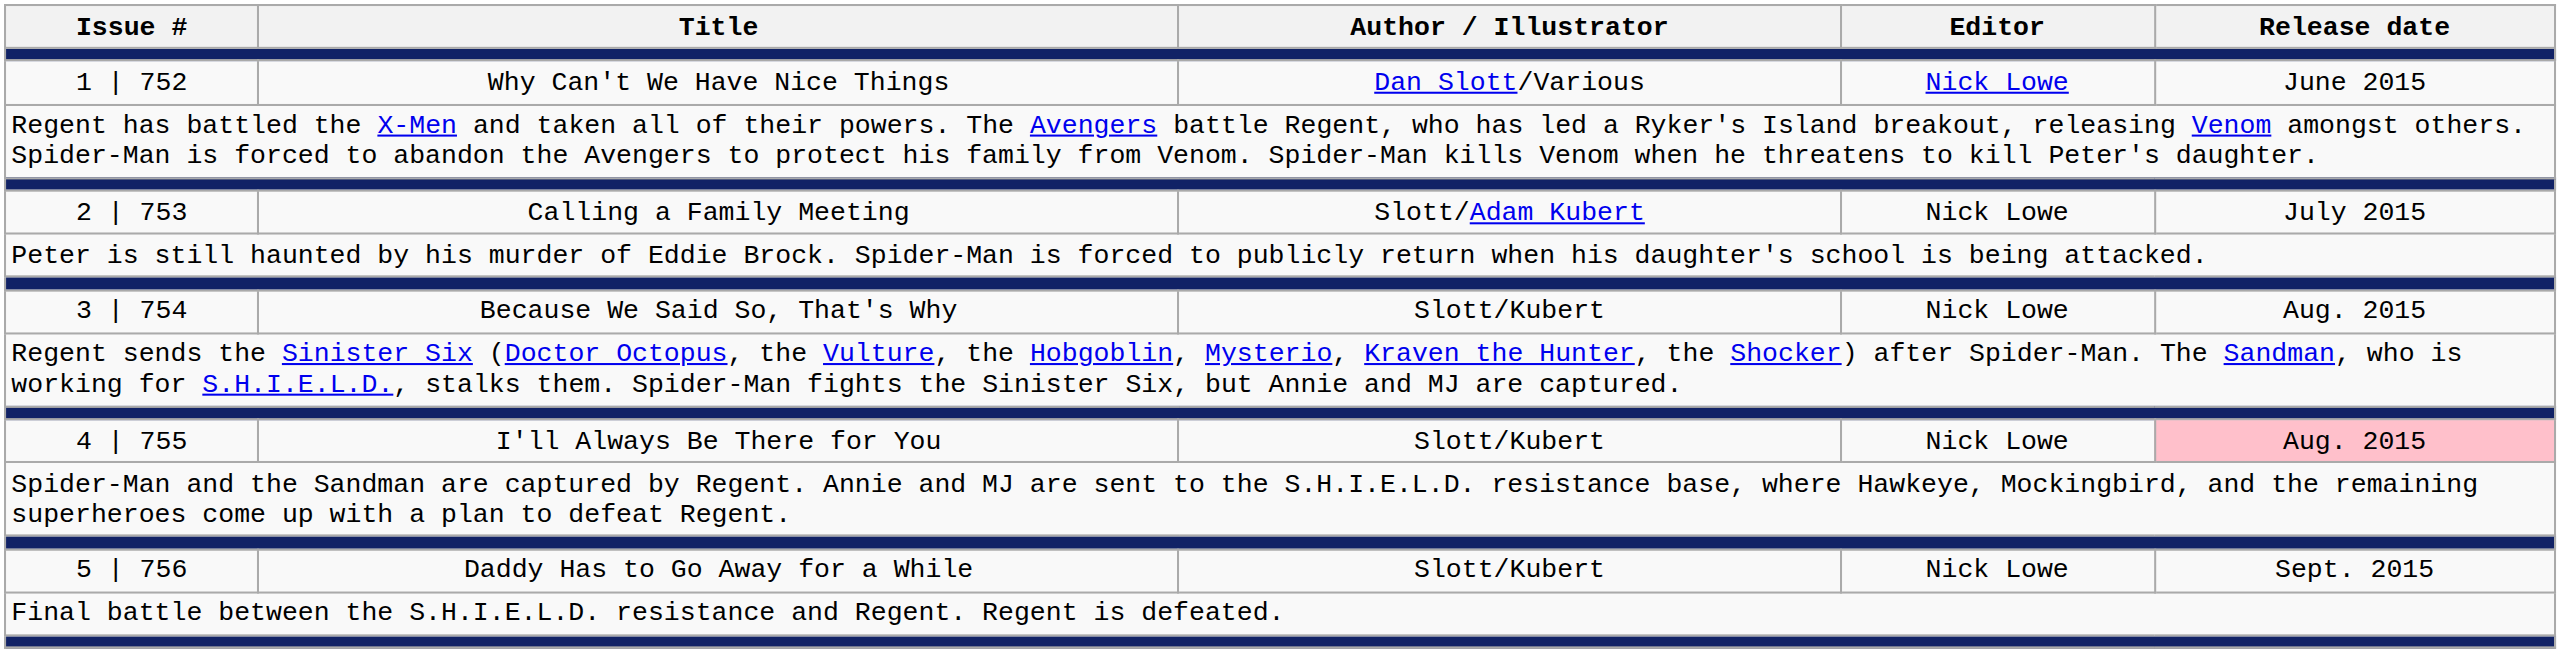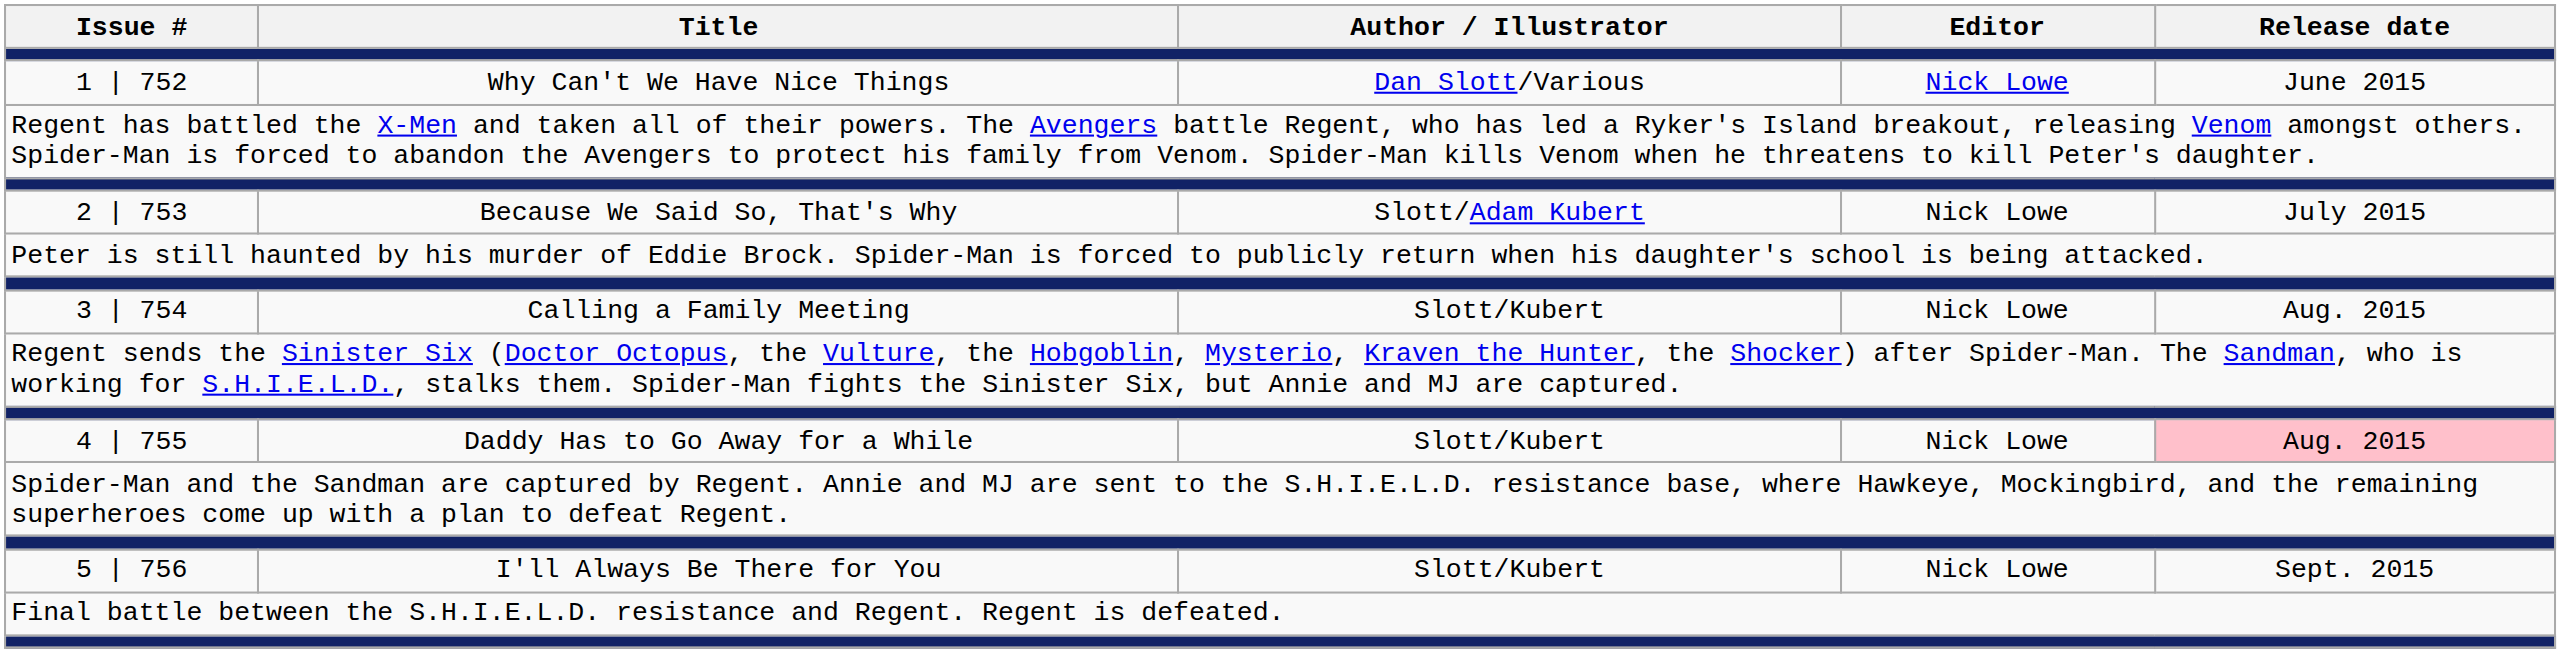 <table class="wikitable">
 <tr>
 <th>Issue #</th>
 <th>Title</th>
 <th>Author / Illustrator</th>
 <th>Editor</th>
 <th>Release date</th>
 </tr>
 <tr>
 <td colspan="6" bgcolor="#112266"></td>
 </tr>
 <tr>
 <td align="center">1  |  752</td>
 <td align="center">Why Can't We Have Nice Things</td>
 <td align="center"><a href='#'>Dan Slott</a>/Various</td>
 <td align="center"><a href='#'>Nick Lowe</a></td>
 <td align="center">June 2015</td>
 </tr>
 <tr>
 <td colspan="6">Regent has battled the <a href='#'>X-Men</a> and taken all of their powers. The <a href='#'>Avengers</a> battle Regent, who has led a Ryker's Island breakout, releasing <a href='#'>Venom</a> amongst others. Spider-Man is forced to abandon the Avengers to protect his family from Venom. Spider-Man kills Venom when he threatens to kill Peter's daughter.</td>
 </tr>
 <tr>
 <td colspan="6" bgcolor="#112266"></td>
 </tr>
 <tr>
 <td align="center">2  |  753</td>
-<td align="center">Calling a Family Meeting</td>
+<td align="center">Because We Said So, That's Why</td>
 <td align="center">Slott/<a href='#'>Adam Kubert</a></td>
 <td align="center">Nick Lowe</td>
 <td align="center">July 2015</td>
 </tr>
 <tr>
 <td colspan="6">Peter is still haunted by his murder of Eddie Brock. Spider-Man is forced to publicly return when his daughter's school is being attacked.</td>
 </tr>
 <tr>
 <td colspan="6" bgcolor="#112266"></td>
 </tr>
 <tr>
 <td align="center">3  |  754</td>
-<td align="center">Because We Said So, That's Why</td>
+<td align="center">Calling a Family Meeting</td>
 <td align="center">Slott/Kubert</td>
 <td align="center">Nick Lowe</td>
 <td align="center">Aug. 2015</td>
 </tr>
 <tr>
 <td colspan="6">Regent sends the <a href='#'>Sinister Six</a> (<a href='#'>Doctor Octopus</a>, the <a href='#'>Vulture</a>, the <a href='#'>Hobgoblin</a>, <a href='#'>Mysterio</a>, <a href='#'>Kraven the Hunter</a>, the <a href='#'>Shocker</a>) after Spider-Man. The <a href='#'>Sandman</a>, who is working for <a href='#'>S.H.I.E.L.D.</a>, stalks them. Spider-Man fights the Sinister Six, but Annie and MJ are captured.</td>
 </tr>
 <tr>
 <td colspan="6" bgcolor="#112266"></td>
 </tr>
 <tr>
 <td align="center">4  |  755</td>
-<td align="center">I'll Always Be There for You</td>
+<td align="center">Daddy Has to Go Away for a While</td>
 <td align="center">Slott/Kubert</td>
 <td align="center">Nick Lowe</td>
 <td align="center" style="background: pink;">Aug. 2015</td>
 </tr>
 <tr>
 <td colspan="6">Spider-Man and the Sandman are captured by Regent. Annie and MJ are sent to the S.H.I.E.L.D. resistance base, where Hawkeye, Mockingbird, and the remaining superheroes come up with a plan to defeat Regent.</td>
 </tr>
 <tr>
 <td colspan="6" bgcolor="#112266"></td>
 </tr>
 <tr>
 <td align="center">5  |  756</td>
-<td align="center">Daddy Has to Go Away for a While</td>
+<td align="center">I'll Always Be There for You</td>
 <td align="center">Slott/Kubert</td>
 <td align="center">Nick Lowe</td>
 <td align="center">Sept. 2015</td>
 </tr>
 <tr>
 <td colspan="6">Final battle between the S.H.I.E.L.D. resistance and Regent. Regent is defeated.</td>
 </tr>
 <tr>
 <td colspan="6" bgcolor="#112266"></td>
 </tr>
 <tr>
 </tr>
 </table>
